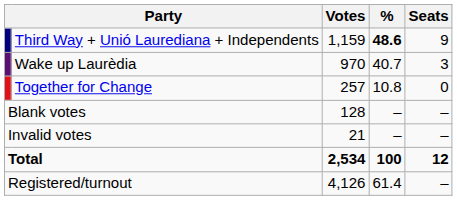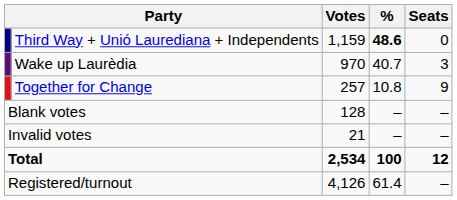 <table class=wikitable style=text-align:right>
 <tr>
 <th colspan="2">Party</th>
 <th>Votes</th>
 <th>%</th>
 <th>Seats</th>
 </tr>
 <tr>
 <td bgcolor="#000080"></td>
 <td align=left><a href='#'>Third Way</a> + <a href='#'>Unió Laurediana</a> + Independents</td>
 <td>1,159</td>
 <td><strong>48.6</strong></td>
-<td>9</td>
+<td>0</td>
 </tr>
 <tr>
 <td bgcolor="#5b0e74"></td>
 <td align="left">Wake up Laurèdia</td>
 <td>970</td>
 <td>40.7</td>
 <td>3</td>
 </tr>
 <tr>
 <td bgcolor="#E21019"></td>
 <td align="left"><a href='#'>Together for Change</a></td>
 <td>257</td>
 <td>10.8</td>
-<td>0</td>
+<td>9</td>
 </tr>
 <tr>
 <td colspan=2 align=left>Blank votes</td>
 <td>128</td>
 <td>–</td>
 <td>–</td>
 </tr>
 <tr>
 <td colspan=2 align=left>Invalid votes</td>
 <td>21</td>
 <td>–</td>
 <td>–</td>
 </tr>
 <tr>
 <td colspan=2 align=left><strong>Total</strong></td>
 <td><strong>2,534</strong></td>
 <td><strong>100</strong></td>
 <td><strong>12</strong></td>
 </tr>
 <tr>
 <td colspan=2 align=left>Registered/turnout</td>
 <td>4,126</td>
 <td>61.4</td>
 <td>–</td>
 </tr>
 </table>
